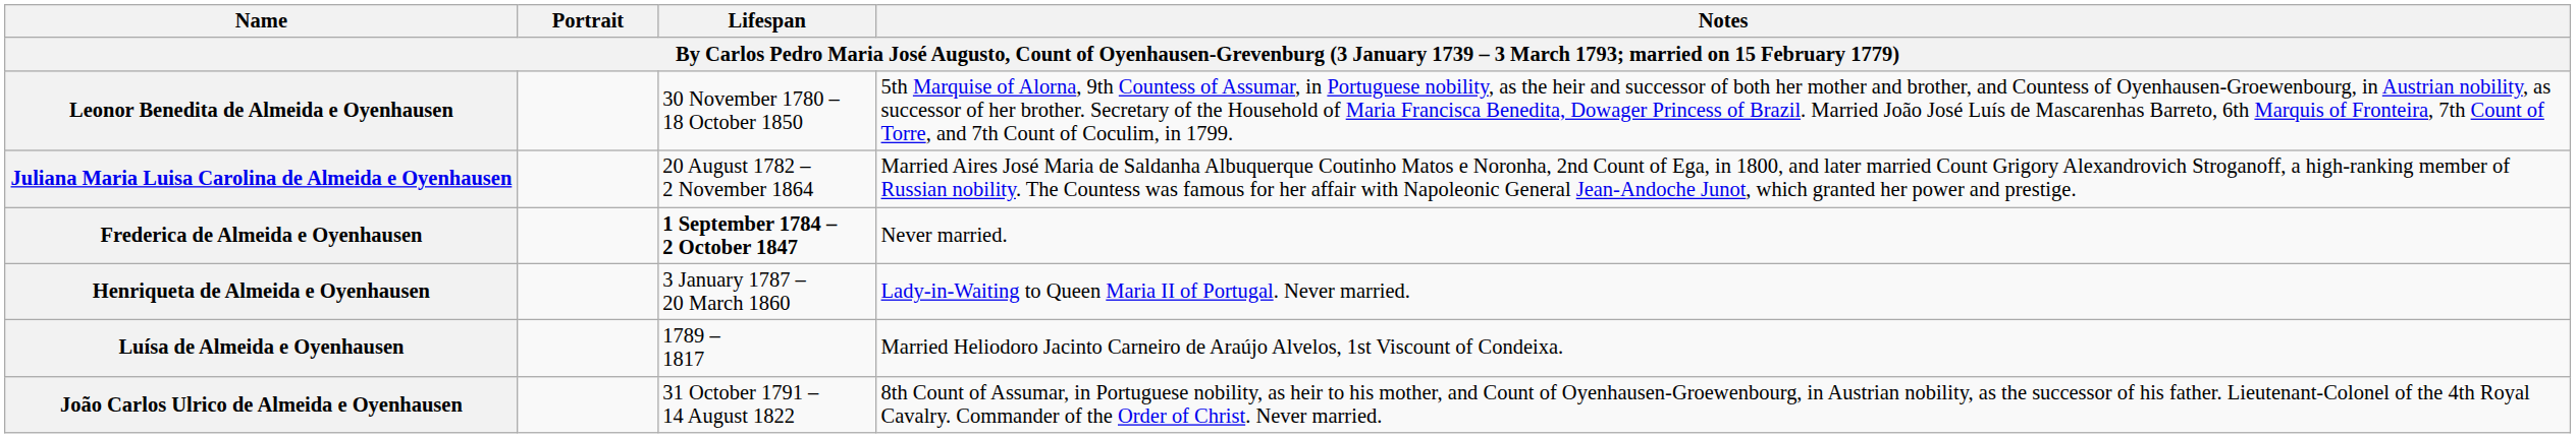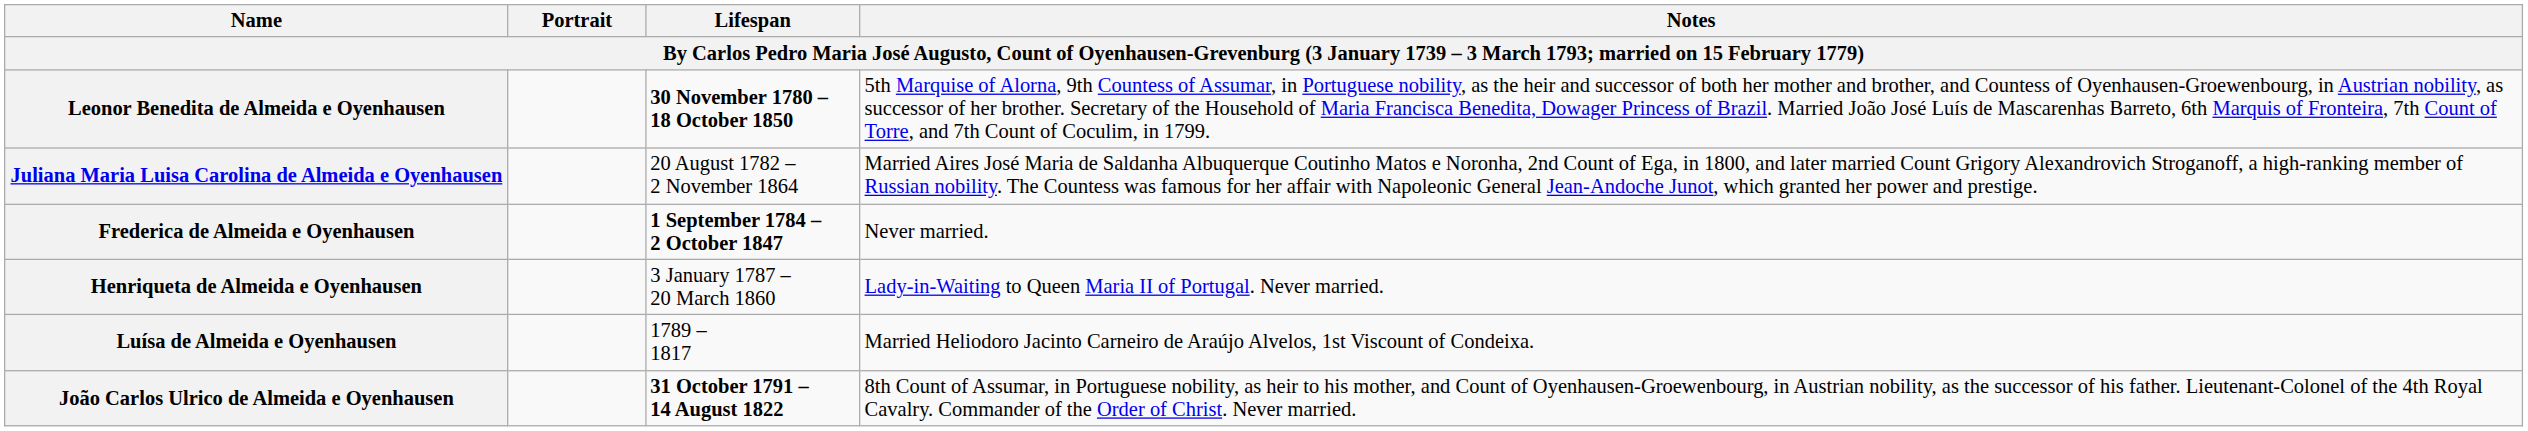 <table class="wikitable plainrowheaders">
 <tr>
 <th scope="col" style="width:  20%;">Name</th>
 <th scope="col" style="width: 100px;">Portrait</th>
 <th scope="col" style="width:  10em;">Lifespan</th>
 <th scope="col">Notes</th>
 </tr>
 <tr>
 <th scope="col" colspan="4">By Carlos Pedro Maria José Augusto, Count of Oyenhausen-Grevenburg (3 January 1739 – 3 March 1793; married on 15 February 1779)</th>
 </tr>
 <tr>
 <th scope="row">Leonor Benedita de Almeida e Oyenhausen</th>
 <td></td>
-<td>30 November 1780 – <br> 18 October 1850</td>
+<td><strong>30 November 1780 – <br> 18 October 1850</strong></td>
 <td>5th <a href='#'>Marquise of Alorna</a>, 9th <a href='#'>Countess of Assumar</a>, in <a href='#'>Portuguese nobility</a>, as the heir and successor of both her mother and brother, and Countess of Oyenhausen-Groewenbourg, in <a href='#'>Austrian nobility</a>, as successor of her brother. Secretary of the Household of <a href='#'>Maria Francisca Benedita, Dowager Princess of Brazil</a>. Married João José Luís de Mascarenhas Barreto, 6th <a href='#'>Marquis of Fronteira</a>, 7th <a href='#'>Count of Torre</a>, and 7th Count of Coculim, in 1799.</td>
 </tr>
 <tr>
 <th scope="row"><a href='#'>Juliana Maria Luisa Carolina de Almeida e Oyenhausen</a></th>
 <td></td>
 <td>20 August 1782 – <br> 2 November 1864</td>
 <td>Married Aires José Maria de Saldanha Albuquerque Coutinho Matos e Noronha, 2nd Count of Ega, in 1800, and later married Count Grigory Alexandrovich Stroganoff, a high-ranking member of <a href='#'>Russian nobility</a>. The Countess was famous for her affair with Napoleonic General <a href='#'>Jean-Andoche Junot</a>, which granted her power and prestige.</td>
 </tr>
 <tr>
 <th scope="row">Frederica de Almeida e Oyenhausen</th>
 <td></td>
 <td><strong>1 September 1784 – <br> 2 October 1847</strong></td>
 <td>Never married.</td>
 </tr>
 <tr>
 <th scope="row">Henriqueta de Almeida e Oyenhausen</th>
 <td></td>
 <td>3 January 1787 – <br> 20 March 1860</td>
 <td><a href='#'>Lady-in-Waiting</a> to Queen <a href='#'>Maria II of Portugal</a>. Never married.</td>
 </tr>
 <tr>
 <th scope="row">Luísa de Almeida e Oyenhausen</th>
 <td></td>
 <td>1789 – <br> 1817</td>
 <td>Married Heliodoro Jacinto Carneiro de Araújo Alvelos, 1st Viscount of Condeixa.</td>
 </tr>
 <tr>
 <th scope="row">João Carlos Ulrico de Almeida e Oyenhausen</th>
 <td></td>
-<td>31 October 1791 – <br> 14 August 1822</td>
+<td><strong>31 October 1791 – <br> 14 August 1822</strong></td>
 <td>8th Count of Assumar, in Portuguese nobility, as heir to his mother, and Count of Oyenhausen-Groewenbourg, in Austrian nobility, as the successor of his father. Lieutenant-Colonel of the 4th Royal Cavalry. Commander of the <a href='#'>Order of Christ</a>. Never married.</td>
 </tr>
 </table>
